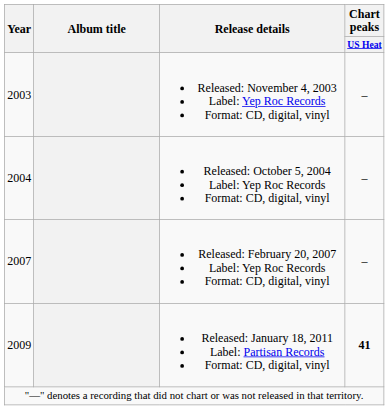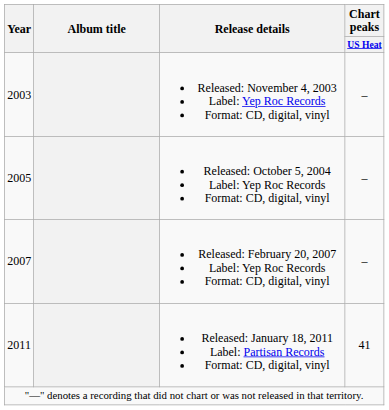 <table class="wikitable plainrowheaders" style="text-align:center;">
 <tr>
 <th rowspan="2;">Year</th>
 <th scope="col" rowspan="2" style="width:10em;">Album title</th>
 <th scope="col" rowspan="2" style="width:15em;">Release details</th>
 <th scope="col" colspan="3">Chart<br>peaks</th>
 </tr>
 <tr>
 <th style="font-size:80%;"><a href='#'>US Heat</a></th>
 </tr>
 <tr>
 <td>2003</td>
 <th></th>
 <td><br><ul><li>Released: November 4, 2003</li><li>Label: <a href='#'>Yep Roc Records</a></li><li>Format: CD, digital, vinyl</li></ul></td>
 <td>–</td>
 </tr>
 <tr>
-<td>2004</td>
+<td>2005</td>
 <th></th>
 <td><br><ul><li>Released: October 5, 2004</li><li>Label: Yep Roc Records</li><li>Format: CD, digital, vinyl</li></ul></td>
 <td>–</td>
 </tr>
 <tr>
 <td>2007</td>
 <th></th>
 <td><br><ul><li>Released: February 20, 2007</li><li>Label: Yep Roc Records</li><li>Format: CD, digital, vinyl</li></ul></td>
 <td>–</td>
 </tr>
 <tr>
-<td>2009</td>
+<td>2011</td>
 <th></th>
 <td><br><ul><li>Released: January 18, 2011</li><li>Label: <a href='#'>Partisan Records</a></li><li>Format: CD, digital, vinyl</li></ul></td>
-<td><strong>41</strong></td>
+<td>41</td>
 </tr>
 <tr>
 <td colspan="6" style="font-size:90%">"—" denotes a recording that did not chart or was not released in that territory.</td>
 </tr>
 </table>
